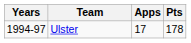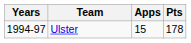 <table class="wikitable" style="text-align:left;">
 <tr>
 <th>Years</th>
 <th width=120px>Team</th>
 <th>Apps</th>
 <th>Pts</th>
 </tr>
 <tr>
 <td>1994-97</td>
 <td><a href='#'>Ulster</a></td>
-<td>17</td>
+<td>15</td>
 <td>178</td>
 </tr>
 </table>
